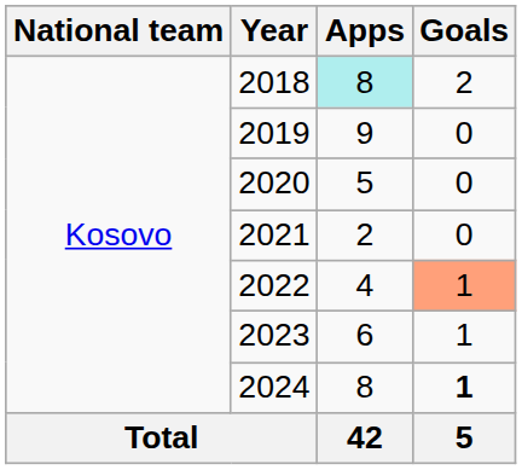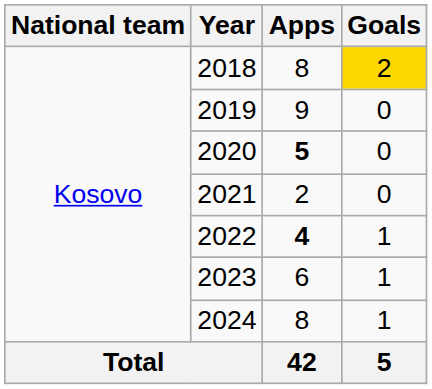 <table class="wikitable" style="text-align:center">
 <tr>
 <th>National team</th>
 <th>Year</th>
 <th>Apps</th>
 <th>Goals</th>
 </tr>
 <tr>
 <td rowspan="7"><a href='#'>Kosovo</a></td>
 <td>2018</td>
-<td style="background: paleturquoise;">8</td>
-<td>2</td>
+<td>8</td>
+<td style="background: gold;">2</td>
 </tr>
 <tr>
 <td>2019</td>
 <td>9</td>
 <td>0</td>
 </tr>
 <tr>
 <td>2020</td>
-<td>5</td>
+<td><strong>5</strong></td>
 <td>0</td>
 </tr>
 <tr>
 <td>2021</td>
 <td>2</td>
 <td>0</td>
 </tr>
 <tr>
 <td>2022</td>
-<td>4</td>
-<td style="background: lightsalmon;">1</td>
+<td><strong>4</strong></td>
+<td>1</td>
 </tr>
 <tr>
 <td>2023</td>
 <td>6</td>
 <td>1</td>
 </tr>
 <tr>
 <td>2024</td>
 <td>8</td>
-<td><strong>1</strong></td>
+<td>1</td>
 </tr>
 <tr>
 <th colspan="2">Total</th>
 <th>42</th>
 <th>5</th>
 </tr>
 </table>
